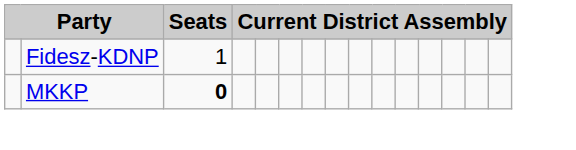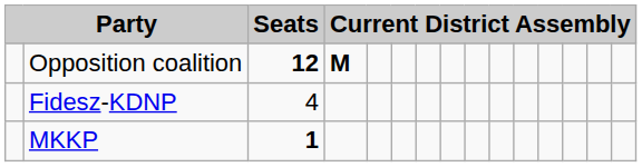 <table class="wikitable">
 <tr>
 <th colspan="2" style="background:#ccc">Party</th>
 <th style="background:#ccc">Seats</th>
 <th colspan="12" style="background:#ccc">Current District Assembly</th>
 </tr>
 <tr>
 <td style="background-color: "> </td>
+<td>Opposition coalition</td>
+<td style="text-align: right"><strong>12</strong></td>
+<td style="background-color: "><span><strong>M</strong></span></td>
+<td style="background-color: "> </td>
+<td style="background-color: "> </td>
+<td style="background-color: "> </td>
+<td style="background-color: "> </td>
+<td style="background-color: "> </td>
+<td style="background-color: "> </td>
+<td style="background-color: "> </td>
+<td style="background-color: "> </td>
+<td style="background-color: "> </td>
+<td style="background-color: "> </td>
+<td style="background-color: "> </td>
+</tr>
+<tr>
+<td style="background-color: "> </td>
 <td><a href='#'>Fidesz</a>-<a href='#'>KDNP</a></td>
-<td style="text-align: right">1</td>
+<td style="text-align: right">4</td>
 <td style="background-color: "> </td>
 <td style="background-color: "> </td>
 <td style="background-color: "> </td>
 <td style="background-color: "> </td>
 <td> </td>
 <td> </td>
 <td> </td>
 <td> </td>
 <td> </td>
 <td> </td>
 <td> </td>
 <td> </td>
 </tr>
 <tr>
 <td style="background-color: "> </td>
 <td><a href='#'>MKKP</a></td>
-<td style="text-align: right"><strong>0</strong></td>
+<td style="text-align: right"><strong>1</strong></td>
 <td style="background-color: "> </td>
 <td> </td>
 <td> </td>
 <td> </td>
 <td> </td>
 <td> </td>
 <td> </td>
 <td> </td>
 <td> </td>
 <td> </td>
 <td> </td>
 <td> </td>
 </tr>
 </table>
